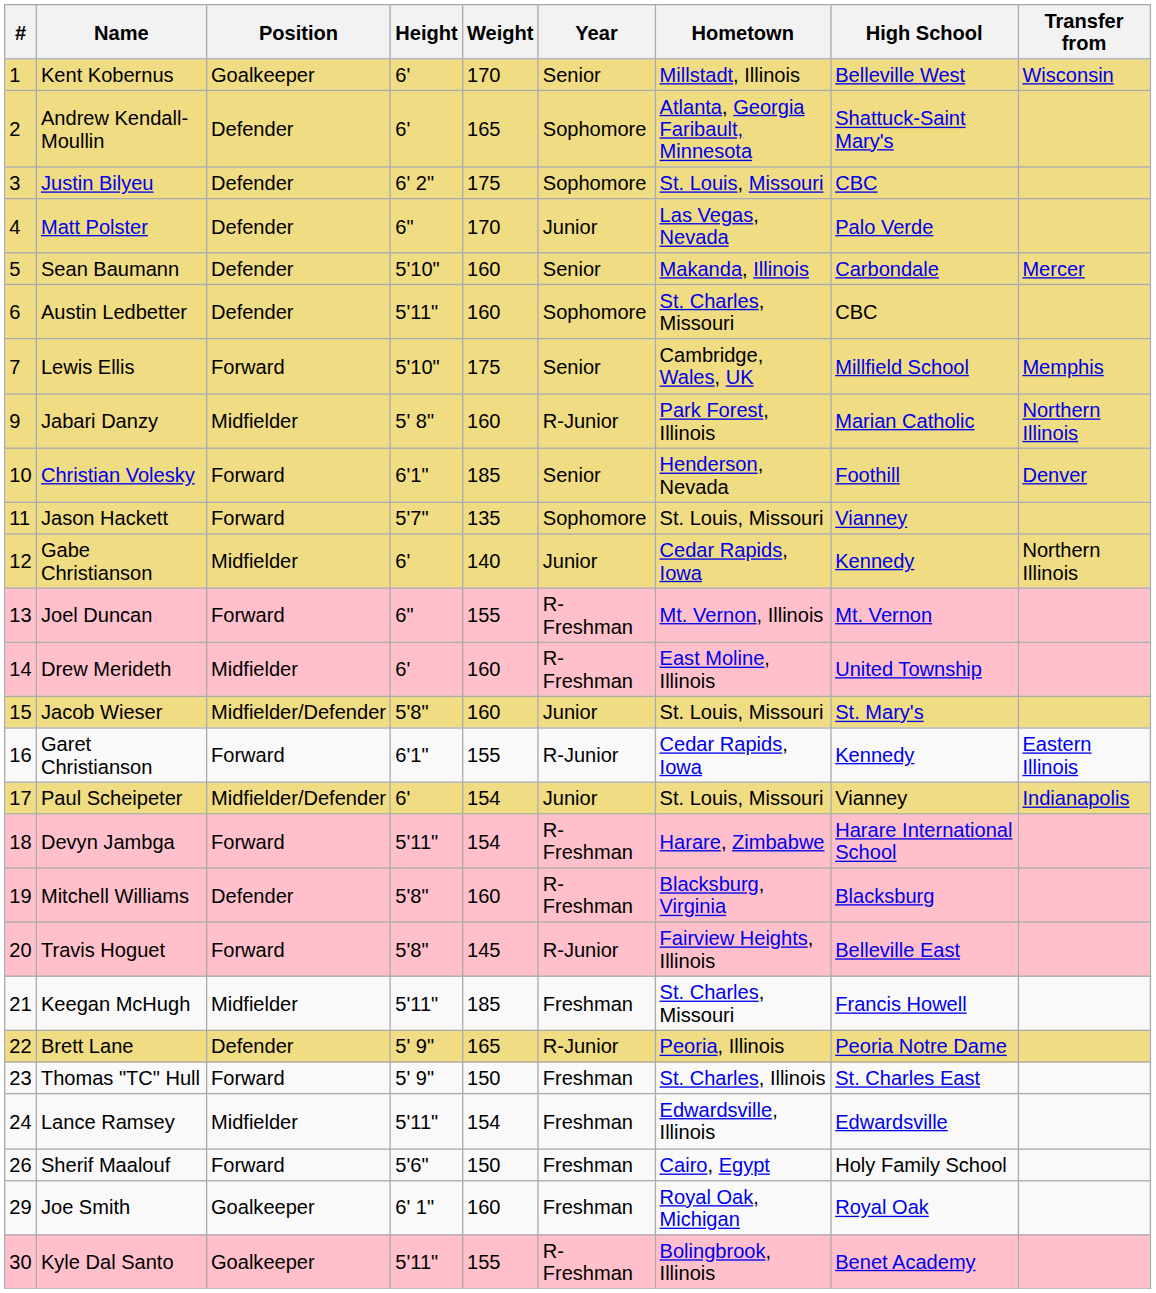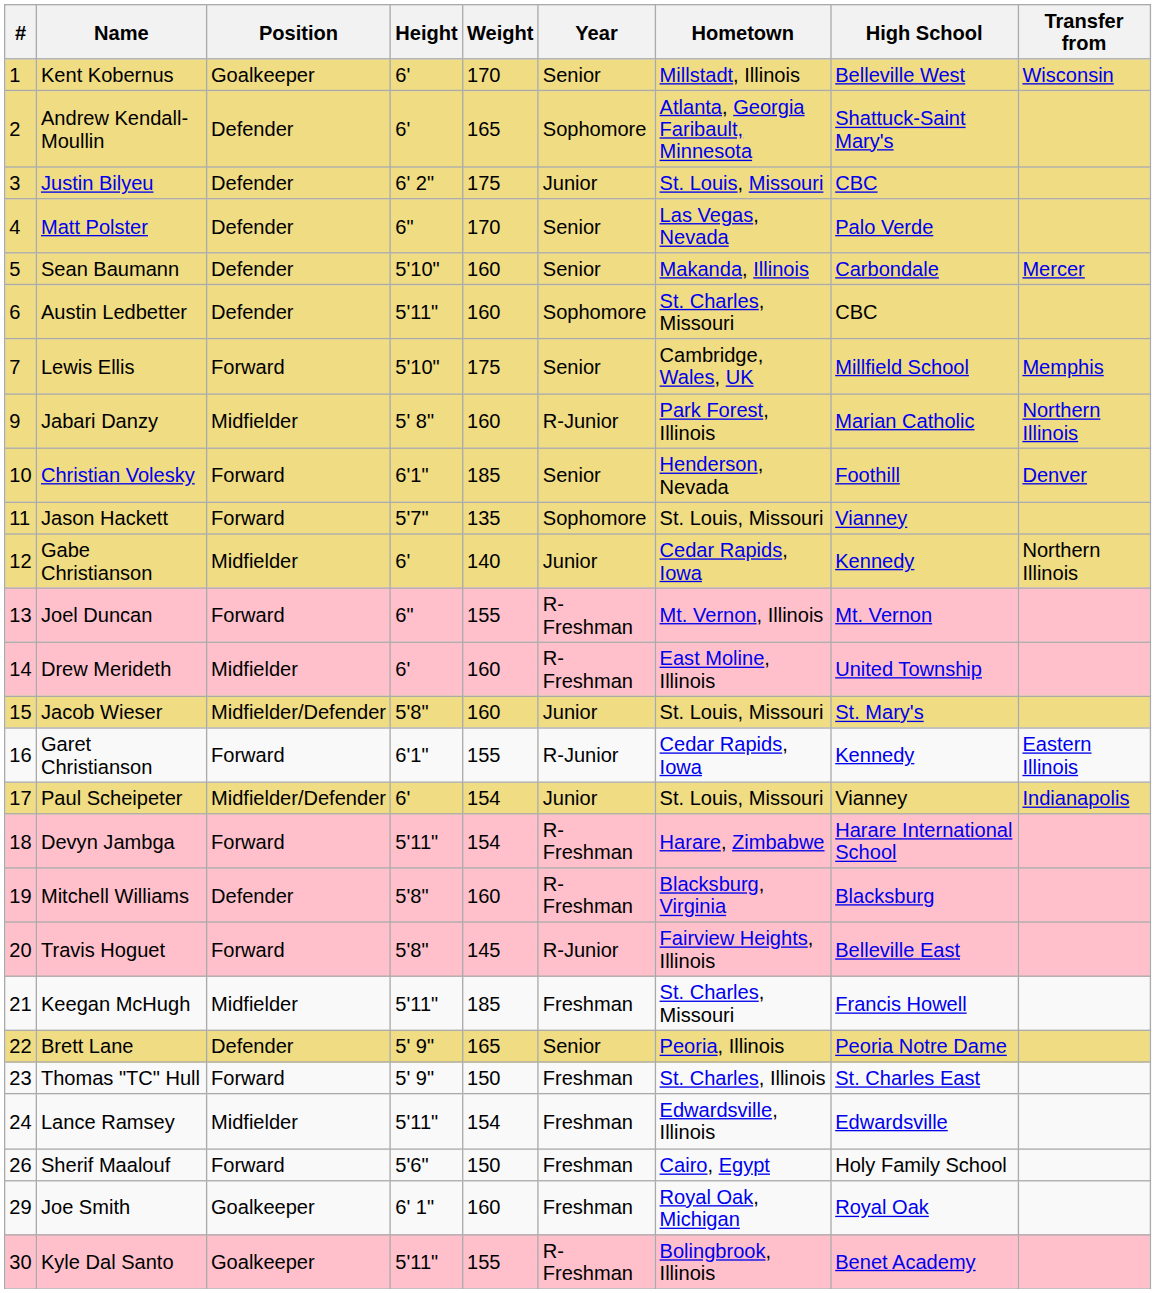 <table class="wikitable sortable" style="font-size:95%;">
 <tr>
 <th>#</th>
 <th>Name</th>
 <th>Position</th>
 <th>Height</th>
 <th>Weight</th>
 <th>Year</th>
 <th>Hometown</th>
 <th>High School</th>
 <th>Transfer from</th>
 </tr>
 <tr style=" background-color:#F0DC82">
 <td>1</td>
 <td>Kent Kobernus</td>
 <td>Goalkeeper</td>
 <td>6'</td>
 <td>170</td>
 <td>Senior</td>
 <td><a href='#'>Millstadt</a>, Illinois</td>
 <td><a href='#'>Belleville West</a></td>
 <td><a href='#'>Wisconsin</a></td>
 </tr>
 <tr style=" background-color:#F0DC82">
 <td>2</td>
 <td>Andrew Kendall-Moullin</td>
 <td>Defender</td>
 <td>6'</td>
 <td>165</td>
 <td>Sophomore</td>
 <td><a href='#'>Atlanta</a>, <a href='#'>Georgia</a><br><a href='#'>Faribault, Minnesota</a></td>
 <td><a href='#'>Shattuck-Saint Mary's</a></td>
 <td></td>
 </tr>
 <tr style=" background-color:#F0DC82">
 <td>3</td>
 <td><a href='#'>Justin Bilyeu</a></td>
 <td>Defender</td>
 <td>6' 2"</td>
 <td>175</td>
-<td>Sophomore</td>
+<td>Junior</td>
 <td><a href='#'>St. Louis</a>, <a href='#'>Missouri</a></td>
 <td><a href='#'>CBC</a></td>
 <td></td>
 </tr>
 <tr style=" background-color:#F0DC82">
 <td>4</td>
 <td><a href='#'>Matt Polster</a></td>
 <td>Defender</td>
 <td>6"</td>
 <td>170</td>
-<td>Junior</td>
+<td>Senior</td>
 <td><a href='#'>Las Vegas</a>, <a href='#'>Nevada</a></td>
 <td><a href='#'>Palo Verde</a></td>
 <td></td>
 </tr>
 <tr style=" background-color:#F0DC82">
 <td>5</td>
 <td>Sean Baumann</td>
 <td>Defender</td>
 <td>5'10"</td>
 <td>160</td>
 <td>Senior</td>
 <td><a href='#'>Makanda</a>, <a href='#'>Illinois</a></td>
 <td><a href='#'>Carbondale</a></td>
 <td><a href='#'>Mercer</a></td>
 </tr>
 <tr style=" background-color:#F0DC82">
 <td>6</td>
 <td>Austin Ledbetter</td>
 <td>Defender</td>
 <td>5'11"</td>
 <td>160</td>
 <td>Sophomore</td>
 <td><a href='#'>St. Charles</a>, Missouri</td>
 <td>CBC</td>
 <td></td>
 </tr>
 <tr style=" background-color:#F0DC82">
 <td>7</td>
 <td>Lewis Ellis</td>
 <td>Forward</td>
 <td>5'10"</td>
 <td>175</td>
 <td>Senior</td>
 <td>Cambridge, <a href='#'>Wales</a>, <a href='#'>UK</a></td>
 <td><a href='#'>Millfield School</a></td>
 <td><a href='#'>Memphis</a></td>
 </tr>
 <tr style=" background-color:#F0DC82">
 <td>9</td>
 <td>Jabari Danzy</td>
 <td>Midfielder</td>
 <td>5' 8"</td>
 <td>160</td>
 <td>R-Junior</td>
 <td><a href='#'>Park Forest</a>, Illinois</td>
 <td><a href='#'>Marian Catholic</a></td>
 <td><a href='#'>Northern Illinois</a></td>
 </tr>
 <tr style=" background-color:#F0DC82">
 <td>10</td>
 <td><a href='#'>Christian Volesky</a></td>
 <td>Forward</td>
 <td>6'1"</td>
 <td>185</td>
 <td>Senior</td>
 <td><a href='#'>Henderson</a>, Nevada</td>
 <td><a href='#'>Foothill</a></td>
 <td><a href='#'>Denver</a></td>
 </tr>
 <tr style=" background-color:#F0DC82">
 <td>11</td>
 <td>Jason Hackett</td>
 <td>Forward</td>
 <td>5'7"</td>
 <td>135</td>
 <td>Sophomore</td>
 <td>St. Louis, Missouri</td>
 <td><a href='#'>Vianney</a></td>
 <td></td>
 </tr>
 <tr style=" background-color:#F0DC82">
 <td>12</td>
 <td>Gabe Christianson </td>
 <td>Midfielder</td>
 <td>6'</td>
 <td>140</td>
 <td>Junior</td>
 <td><a href='#'>Cedar Rapids</a>, <a href='#'>Iowa</a></td>
 <td><a href='#'>Kennedy</a></td>
 <td>Northern Illinois</td>
 </tr>
 <tr style="background:pink">
 <td>13</td>
 <td>Joel Duncan</td>
 <td>Forward</td>
 <td>6"</td>
 <td>155</td>
 <td>R-Freshman</td>
 <td><a href='#'>Mt. Vernon</a>, Illinois</td>
 <td><a href='#'>Mt. Vernon</a></td>
 <td></td>
 </tr>
 <tr style="background:pink">
 <td>14</td>
 <td>Drew Merideth</td>
 <td>Midfielder</td>
 <td>6'</td>
 <td>160</td>
 <td>R-Freshman</td>
 <td><a href='#'>East Moline</a>, Illinois</td>
 <td><a href='#'>United Township</a></td>
 <td></td>
 </tr>
 <tr style=" background-color:#F0DC82">
 <td>15</td>
 <td>Jacob Wieser</td>
 <td>Midfielder/Defender</td>
 <td>5'8"</td>
 <td>160</td>
 <td>Junior</td>
 <td>St. Louis, Missouri</td>
 <td><a href='#'>St. Mary's</a></td>
 <td></td>
 </tr>
 <tr>
 <td>16</td>
 <td>Garet Christianson</td>
 <td>Forward</td>
 <td>6'1"</td>
 <td>155</td>
 <td>R-Junior</td>
 <td><a href='#'>Cedar Rapids</a>, <a href='#'>Iowa</a></td>
 <td><a href='#'>Kennedy</a></td>
 <td><a href='#'>Eastern Illinois</a></td>
 </tr>
 <tr style=" background-color:#F0DC82">
 <td>17</td>
 <td>Paul Scheipeter</td>
 <td>Midfielder/Defender</td>
 <td>6'</td>
 <td>154</td>
 <td>Junior</td>
 <td>St. Louis, Missouri</td>
 <td>Vianney</td>
 <td><a href='#'>Indianapolis</a></td>
 </tr>
 <tr style="background:pink">
 <td>18</td>
 <td>Devyn Jambga</td>
 <td>Forward</td>
 <td>5'11"</td>
 <td>154</td>
 <td>R-Freshman</td>
 <td><a href='#'>Harare</a>, <a href='#'>Zimbabwe</a></td>
 <td><a href='#'>Harare International School</a></td>
 <td></td>
 </tr>
 <tr style="background:pink">
 <td>19</td>
 <td>Mitchell Williams</td>
 <td>Defender</td>
 <td>5'8"</td>
 <td>160</td>
 <td>R-Freshman</td>
 <td><a href='#'>Blacksburg</a>, <a href='#'>Virginia</a></td>
 <td><a href='#'>Blacksburg</a></td>
 <td></td>
 </tr>
 <tr style="background:pink">
 <td>20</td>
 <td>Travis Hoguet</td>
 <td>Forward</td>
 <td>5'8"</td>
 <td>145</td>
 <td>R-Junior</td>
 <td><a href='#'>Fairview Heights</a>, Illinois</td>
 <td><a href='#'>Belleville East</a></td>
 <td></td>
 </tr>
 <tr>
 <td>21</td>
 <td>Keegan McHugh </td>
 <td>Midfielder</td>
 <td>5'11"</td>
 <td>185</td>
 <td>Freshman</td>
 <td><a href='#'>St. Charles</a>, Missouri</td>
 <td><a href='#'>Francis Howell</a></td>
 <td></td>
 </tr>
 <tr style=" background-color:#F0DC82">
 <td>22</td>
 <td>Brett Lane</td>
 <td>Defender</td>
 <td>5' 9"</td>
 <td>165</td>
-<td>R-Junior</td>
+<td>Senior</td>
 <td><a href='#'>Peoria</a>, Illinois</td>
 <td><a href='#'>Peoria Notre Dame</a></td>
 <td></td>
 </tr>
 <tr>
 <td>23</td>
 <td>Thomas "TC" Hull </td>
 <td>Forward</td>
 <td>5' 9"</td>
 <td>150</td>
 <td>Freshman</td>
 <td><a href='#'>St. Charles</a>, Illinois</td>
 <td><a href='#'>St. Charles East</a></td>
 <td></td>
 </tr>
 <tr>
 <td>24</td>
 <td>Lance Ramsey</td>
 <td>Midfielder</td>
 <td>5'11"</td>
 <td>154</td>
 <td>Freshman</td>
 <td><a href='#'>Edwardsville</a>, Illinois</td>
 <td><a href='#'>Edwardsville</a></td>
 <td></td>
 </tr>
 <tr>
 <td>26</td>
 <td>Sherif Maalouf </td>
 <td>Forward</td>
 <td>5'6"</td>
 <td>150</td>
 <td>Freshman</td>
 <td><a href='#'>Cairo</a>, <a href='#'>Egypt</a></td>
 <td>Holy Family School</td>
 <td></td>
 </tr>
 <tr>
 <td>29</td>
 <td>Joe Smith </td>
 <td>Goalkeeper</td>
 <td>6' 1"</td>
 <td>160</td>
 <td>Freshman</td>
 <td><a href='#'>Royal Oak</a>, <a href='#'>Michigan</a></td>
 <td><a href='#'>Royal Oak</a></td>
 <td></td>
 </tr>
 <tr style="background-color:pink; background-color:pink">
 <td>30</td>
 <td>Kyle Dal Santo</td>
 <td>Goalkeeper</td>
 <td>5'11"</td>
 <td>155</td>
 <td>R-Freshman</td>
 <td><a href='#'>Bolingbrook</a>, Illinois</td>
 <td><a href='#'>Benet Academy</a></td>
 <td></td>
 </tr>
 </table>
